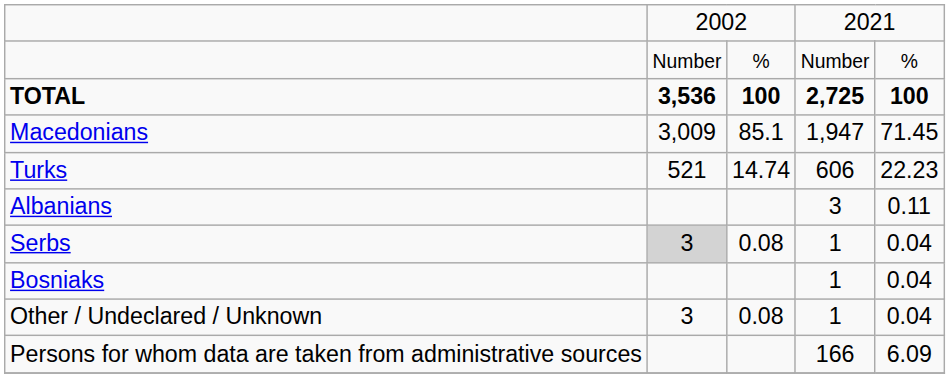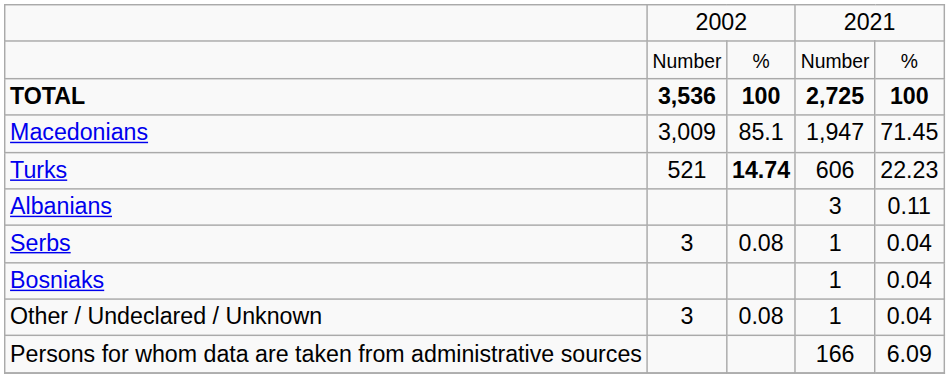 <table class="wikitable">
 <tr>
 <td></td>
 <td colspan="2" align="center">2002</td>
 <td colspan="2" align="center">2021</td>
 </tr>
 <tr>
 <td></td>
 <td align="center"><small>Number</small></td>
 <td align="center"><small>%</small></td>
 <td align="center"><small>Number</small></td>
 <td align="center"><small>%</small></td>
 </tr>
 <tr>
 <td><strong>TOTAL</strong></td>
 <td align="center"><strong>3,536</strong></td>
 <td align="center"><strong>100</strong></td>
 <td align="center"><strong>2,725</strong></td>
 <td align="center"><strong>100</strong></td>
 </tr>
 <tr>
 <td><a href='#'>Macedonians</a></td>
 <td align="center">3,009</td>
 <td align="center">85.1</td>
 <td align="center">1,947</td>
 <td align="center">71.45</td>
 </tr>
 <tr>
 <td><a href='#'>Turks</a></td>
 <td align="center">521</td>
-<td align="center">14.74</td>
+<td align="center"><strong>14.74</strong></td>
 <td align="center">606</td>
 <td align="center">22.23</td>
 </tr>
 <tr>
 <td><a href='#'>Albanians</a></td>
 <td align="center"></td>
 <td align="center"></td>
 <td align="center">3</td>
 <td align="center">0.11</td>
 </tr>
 <tr>
 <td><a href='#'>Serbs</a></td>
-<td align="center" style="background: lightgrey;">3</td>
+<td align="center">3</td>
 <td align="center">0.08</td>
 <td align="center">1</td>
 <td align="center">0.04</td>
 </tr>
 <tr>
 <td><a href='#'>Bosniaks</a></td>
 <td align="center"></td>
 <td align="center"></td>
 <td align="center">1</td>
 <td align="center">0.04</td>
 </tr>
 <tr>
 <td>Other / Undeclared / Unknown</td>
 <td align="center">3</td>
 <td align="center">0.08</td>
 <td align="center">1</td>
 <td align="center">0.04</td>
 </tr>
 <tr>
 <td>Persons for whom data are taken from administrative sources</td>
 <td></td>
 <td></td>
 <td align="center">166</td>
 <td align="center">6.09</td>
 </tr>
 <tr>
 </tr>
 </table>
